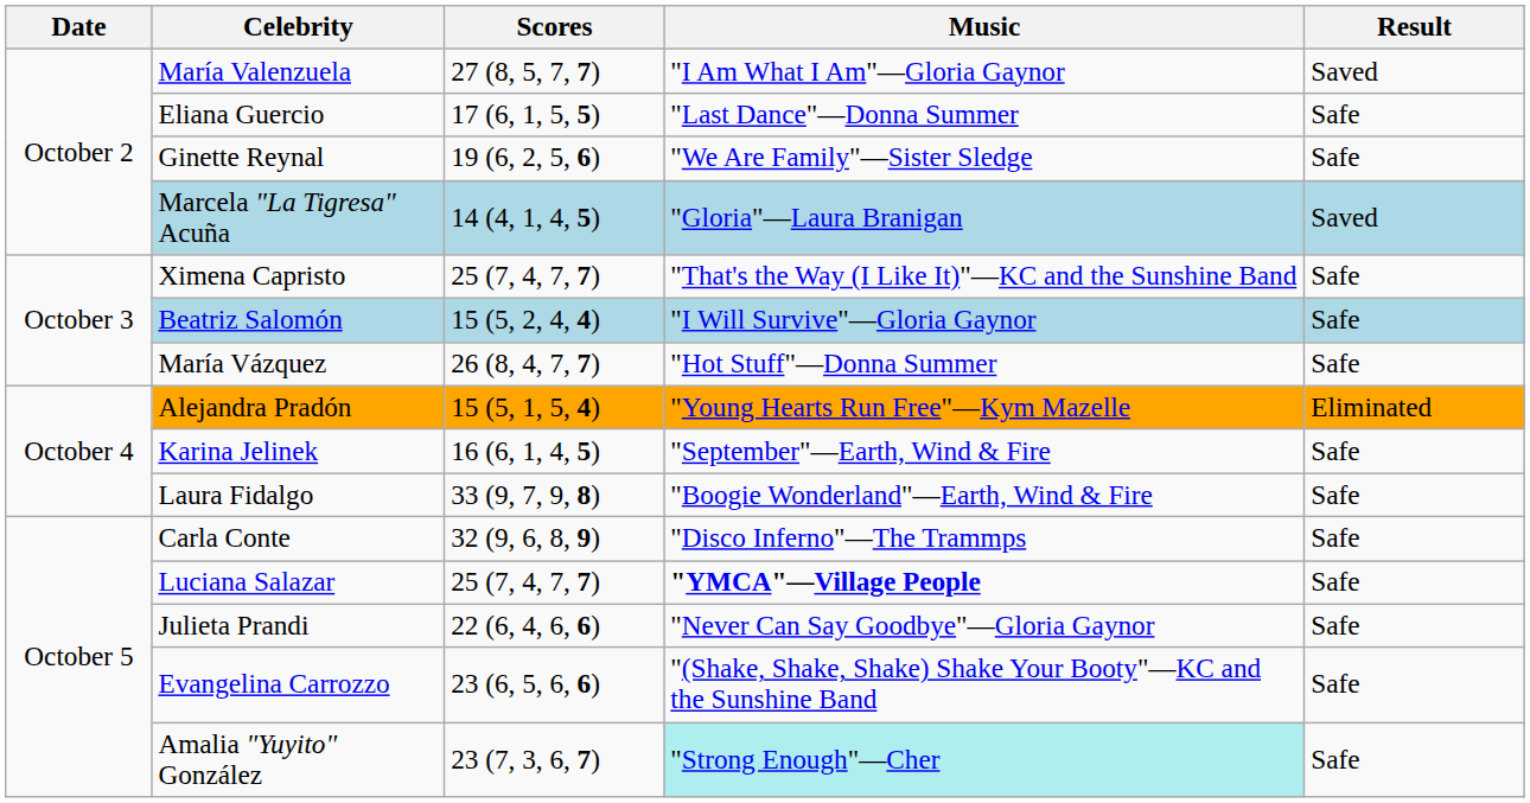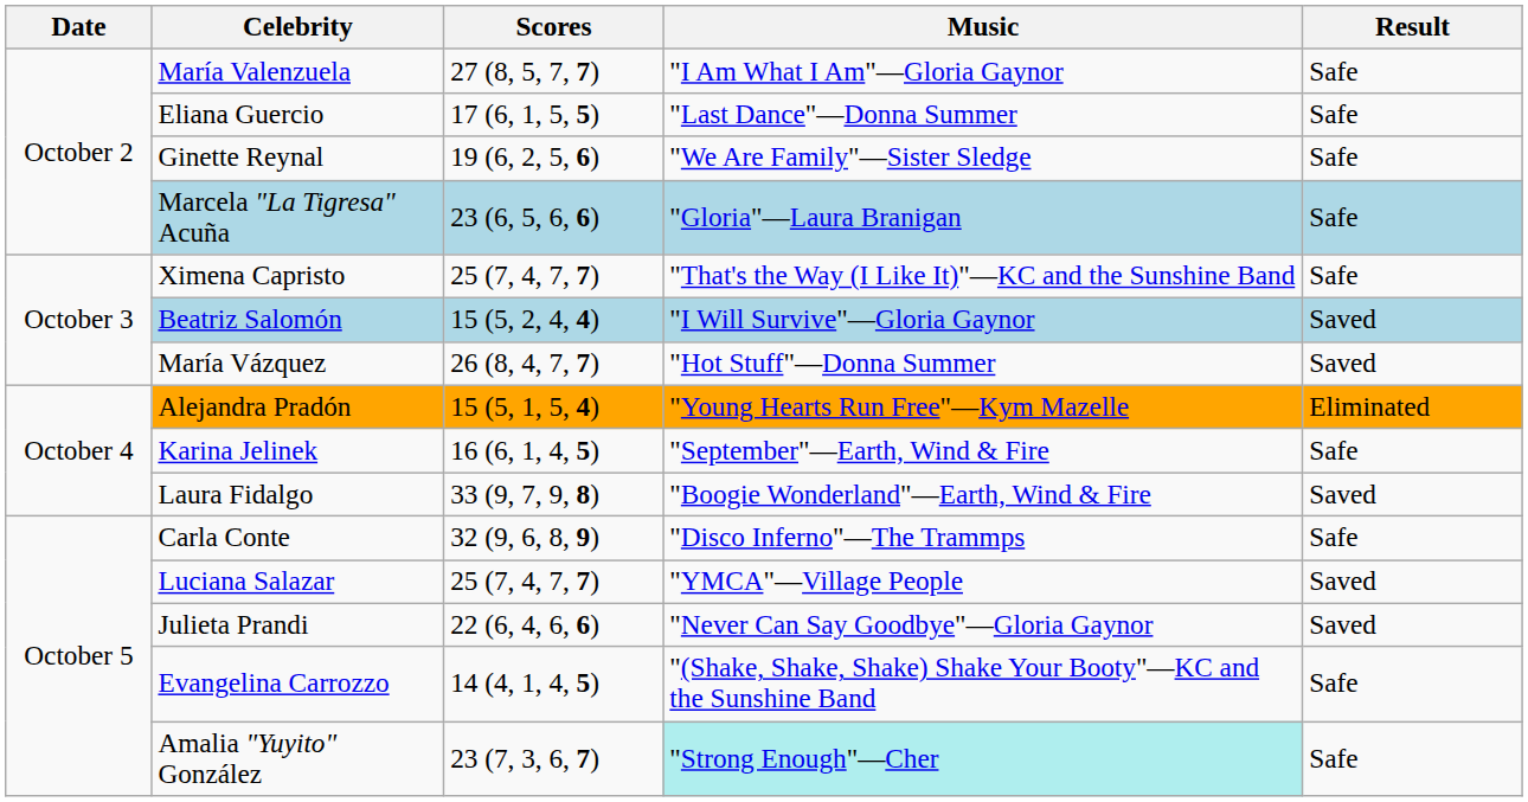 <table class="wikitable sortable" style="width:100%; text-align:align;">
 <tr>
 <th style="width:8%;">Date</th>
 <th style="width:16%;">Celebrity</th>
 <th style="width:12%;">Scores</th>
 <th style="width:35%;">Music</th>
 <th style="width:12%;">Result</th>
 </tr>
 <tr>
 <td rowspan="4" style="text-align:center;">October 2</td>
 <td><a href='#'>María Valenzuela</a></td>
 <td>27 (8, 5, 7, <strong>7</strong>)</td>
 <td>"<a href='#'>I Am What I Am</a>"—<a href='#'>Gloria Gaynor</a></td>
-<td>Saved </td>
+<td>Safe</td>
 </tr>
 <tr>
 <td>Eliana Guercio</td>
 <td>17 (6, 1, 5, <strong>5</strong>)</td>
 <td>"<a href='#'>Last Dance</a>"—<a href='#'>Donna Summer</a></td>
 <td>Safe</td>
 </tr>
 <tr>
 <td>Ginette Reynal</td>
 <td>19 (6, 2, 5, <strong>6</strong>)</td>
 <td>"<a href='#'>We Are Family</a>"—<a href='#'>Sister Sledge</a></td>
 <td>Safe</td>
 </tr>
 <tr style="background:lightblue;">
 <td>Marcela <em>"La Tigresa"</em> Acuña</td>
-<td>14 (4, 1, 4, <strong>5</strong>)</td>
+<td>23 (6, 5, 6, <strong>6</strong>)</td>
 <td>"<a href='#'>Gloria</a>"—<a href='#'>Laura Branigan</a></td>
-<td>Saved </td>
+<td>Safe</td>
 </tr>
 <tr>
 <td rowspan="3" style="text-align:center;">October 3</td>
 <td>Ximena Capristo</td>
 <td>25 (7, 4, 7, <strong>7</strong>)</td>
 <td>"<a href='#'>That's the Way (I Like It)</a>"—<a href='#'>KC and the Sunshine Band</a></td>
 <td>Safe</td>
 </tr>
 <tr style="background:lightblue;">
 <td><a href='#'>Beatriz Salomón</a></td>
 <td>15 (5, 2, 4, <strong>4</strong>)</td>
 <td>"<a href='#'>I Will Survive</a>"—<a href='#'>Gloria Gaynor</a></td>
-<td>Safe</td>
+<td>Saved </td>
 </tr>
 <tr>
 <td>María Vázquez</td>
 <td>26 (8, 4, 7, <strong>7</strong>)</td>
 <td>"<a href='#'>Hot Stuff</a>"—<a href='#'>Donna Summer</a></td>
-<td>Safe</td>
+<td>Saved </td>
 </tr>
 <tr>
 <td rowspan="3" style="text-align:center;">October 4</td>
 <td bgcolor="orange">Alejandra Pradón</td>
 <td bgcolor="orange">15 (5, 1, 5, <strong>4</strong>)</td>
 <td bgcolor="orange">"<a href='#'>Young Hearts Run Free</a>"—<a href='#'>Kym Mazelle</a></td>
 <td bgcolor="orange">Eliminated </td>
 </tr>
 <tr>
 <td><a href='#'>Karina Jelinek</a></td>
 <td>16 (6, 1, 4, <strong>5</strong>)</td>
 <td>"<a href='#'>September</a>"—<a href='#'>Earth, Wind & Fire</a></td>
 <td>Safe</td>
 </tr>
 <tr>
 <td>Laura Fidalgo</td>
 <td>33 (9, 7, 9, <strong>8</strong>)</td>
 <td>"<a href='#'>Boogie Wonderland</a>"—<a href='#'>Earth, Wind & Fire</a></td>
-<td>Safe</td>
+<td>Saved </td>
 </tr>
 <tr>
 <td rowspan="5" style="text-align:center;">October 5</td>
 <td>Carla Conte</td>
 <td>32 (9, 6, 8, <strong>9</strong>)</td>
 <td>"<a href='#'>Disco Inferno</a>"—<a href='#'>The Trammps</a></td>
 <td>Safe</td>
 </tr>
 <tr>
 <td><a href='#'>Luciana Salazar</a></td>
 <td>25 (7, 4, 7, <strong>7</strong>)</td>
-<td><strong>"<a href='#'>YMCA</a>"—<a href='#'>Village People</a></strong></td>
-<td>Safe</td>
+<td>"<a href='#'>YMCA</a>"—<a href='#'>Village People</a></td>
+<td>Saved </td>
 </tr>
 <tr>
 <td>Julieta Prandi</td>
 <td>22 (6, 4, 6, <strong>6</strong>)</td>
 <td>"<a href='#'>Never Can Say Goodbye</a>"—<a href='#'>Gloria Gaynor</a></td>
-<td>Safe</td>
+<td>Saved </td>
 </tr>
 <tr>
 <td><a href='#'>Evangelina Carrozzo</a></td>
-<td>23 (6, 5, 6, <strong>6</strong>)</td>
+<td>14 (4, 1, 4, <strong>5</strong>)</td>
 <td>"<a href='#'>(Shake, Shake, Shake) Shake Your Booty</a>"—<a href='#'>KC and the Sunshine Band</a></td>
 <td>Safe</td>
 </tr>
 <tr>
 <td>Amalia <em>"Yuyito"</em> González</td>
 <td>23 (7, 3, 6, <strong>7</strong>)</td>
 <td style="background: paleturquoise;">"<a href='#'>Strong Enough</a>"—<a href='#'>Cher</a></td>
 <td>Safe</td>
 </tr>
 </table>
